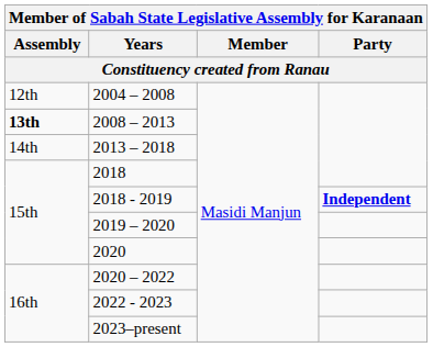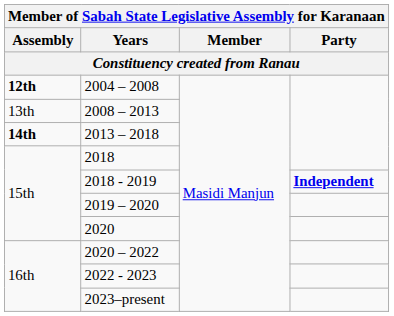 <table class="wikitable">
 <tr>
 <th colspan="4">Member of <a href='#'>Sabah State Legislative Assembly</a> for Karanaan</th>
 </tr>
 <tr>
 <th>Assembly</th>
 <th>Years</th>
 <th>Member</th>
 <th>Party</th>
 </tr>
 <tr>
 <th colspan="4" align="center"><em>Constituency created from Ranau</em></th>
 </tr>
 <tr>
-<td>12th</td>
+<td><strong>12th</strong></td>
 <td>2004 – 2008</td>
 <td rowspan="10"><a href='#'>Masidi Manjun</a></td>
 <td rowspan="4"></td>
 </tr>
 <tr>
-<td><strong>13th</strong></td>
+<td>13th</td>
 <td>2008 – 2013</td>
 </tr>
 <tr>
-<td>14th</td>
+<td><strong>14th</strong></td>
 <td>2013 – 2018</td>
 </tr>
 <tr>
 <td rowspan="4">15th</td>
 <td>2018</td>
 </tr>
 <tr>
 <td>2018 - 2019</td>
 <td><strong><a href='#'>Independent</a></strong></td>
 </tr>
 <tr>
 <td>2019 – 2020</td>
 <td></td>
 </tr>
 <tr>
 <td>2020</td>
 <td></td>
 </tr>
 <tr>
 <td rowspan="3">16th</td>
 <td>2020 – 2022</td>
 <td></td>
 </tr>
 <tr>
 <td>2022 - 2023</td>
 <td></td>
 </tr>
 <tr>
 <td>2023–present</td>
 <td></td>
 </tr>
 </table>
